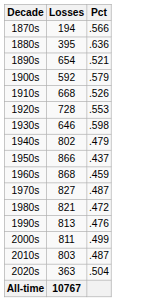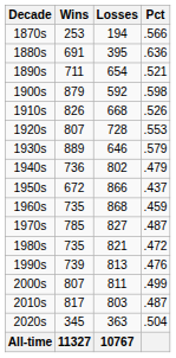 <table class="wikitable" style="text-align:center">
 <tr>
 <th style="text-align:center; ">Decade</th>
+<th style="text-align:center; ">Wins</th>
 <th style="text-align:center; ">Losses</th>
 <th style="text-align:center; ">Pct</th>
 </tr>
 <tr>
 <td>1870s</td>
+<td>253</td>
 <td>194</td>
 <td>.566</td>
 </tr>
 <tr>
 <td>1880s</td>
+<td>691</td>
 <td>395</td>
 <td>.636</td>
 </tr>
 <tr>
 <td>1890s</td>
+<td>711</td>
 <td>654</td>
 <td>.521</td>
 </tr>
 <tr>
 <td>1900s</td>
+<td>879</td>
 <td>592</td>
-<td>.579</td>
+<td>.598</td>
 </tr>
 <tr>
 <td>1910s</td>
+<td>826</td>
 <td>668</td>
 <td>.526</td>
 </tr>
 <tr>
 <td>1920s</td>
+<td>807</td>
 <td>728</td>
 <td>.553</td>
 </tr>
 <tr>
 <td>1930s</td>
+<td>889</td>
 <td>646</td>
-<td>.598</td>
+<td>.579</td>
 </tr>
 <tr>
 <td>1940s</td>
+<td>736</td>
 <td>802</td>
 <td>.479</td>
 </tr>
 <tr>
 <td>1950s</td>
+<td>672</td>
 <td>866</td>
 <td>.437</td>
 </tr>
 <tr>
 <td>1960s</td>
+<td>735</td>
 <td>868</td>
 <td>.459</td>
 </tr>
 <tr>
 <td>1970s</td>
+<td>785</td>
 <td>827</td>
 <td>.487</td>
 </tr>
 <tr>
 <td>1980s</td>
+<td>735</td>
 <td>821</td>
 <td>.472</td>
 </tr>
 <tr>
 <td>1990s</td>
+<td>739</td>
 <td>813</td>
 <td>.476</td>
 </tr>
 <tr>
 <td>2000s</td>
+<td>807</td>
 <td>811</td>
 <td>.499</td>
 </tr>
 <tr>
 <td>2010s</td>
+<td>817</td>
 <td>803</td>
 <td>.487</td>
 </tr>
 <tr>
 <td>2020s</td>
+<td>345</td>
 <td>363</td>
 <td>.504</td>
 </tr>
 <tr style="background:#f0f0f0; font-weight:bold">
 <th style="text-align:center; ">All-time</th>
+<th style="text-align:center; ">11327</th>
 <th style="text-align:center; ">10767</th>
 <th style="text-align:center; "></th>
 </tr>
 </table>
